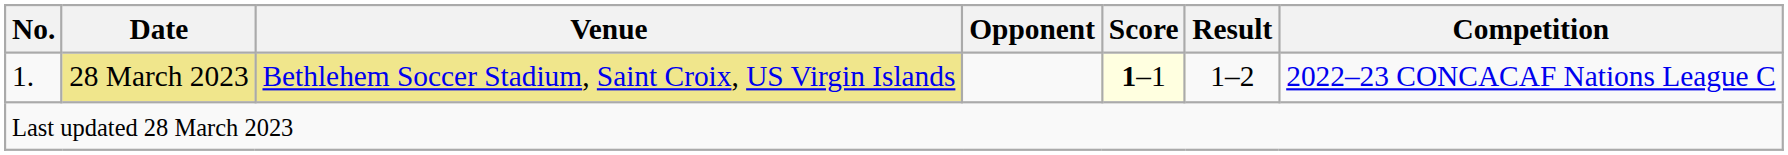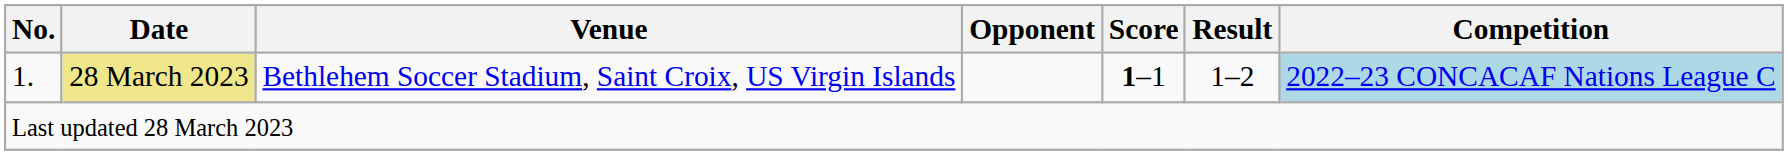 <table class="wikitable" style="font-size:85%;">
 <tr>
 <th>No.</th>
 <th>Date</th>
 <th>Venue</th>
 <th>Opponent</th>
 <th>Score</th>
 <th>Result</th>
 <th>Competition</th>
 </tr>
 <tr>
 <td>1.</td>
 <td style="background: khaki;">28 March 2023</td>
-<td style="background: khaki;"><a href='#'>Bethlehem Soccer Stadium</a>, <a href='#'>Saint Croix</a>, <a href='#'>US Virgin Islands</a></td>
+<td><a href='#'>Bethlehem Soccer Stadium</a>, <a href='#'>Saint Croix</a>, <a href='#'>US Virgin Islands</a></td>
 <td></td>
-<td align=center style="background: lightyellow;"><strong>1</strong>–1</td>
+<td align=center><strong>1</strong>–1</td>
 <td align=center>1–2</td>
-<td><a href='#'>2022–23 CONCACAF Nations League C</a></td>
+<td style="background: lightblue;"><a href='#'>2022–23 CONCACAF Nations League C</a></td>
 </tr>
 <tr>
 <td colspan="7"><small>Last updated 28 March 2023</small></td>
 </tr>
 </table>
